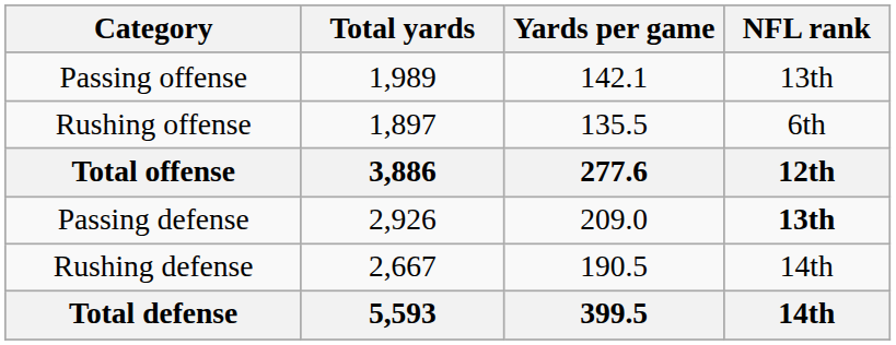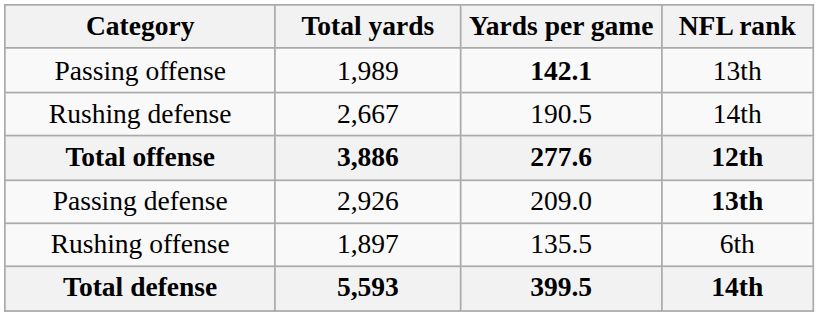 <table class="wikitable" style="text-align:center">
 <tr>
 <th width=150>Category</th>
 <th width=100>Total yards</th>
 <th width=110>Yards per game</th>
 <th width=80>NFL rank<br></th>
 </tr>
 <tr>
 <td>Passing offense</td>
 <td>1,989</td>
-<td>142.1</td>
+<td><strong>142.1</strong></td>
 <td>13th</td>
 </tr>
 <tr>
-<td>Rushing offense</td>
-<td>1,897</td>
-<td>135.5</td>
-<td>6th</td>
+<td>Rushing defense</td>
+<td>2,667</td>
+<td>190.5</td>
+<td>14th</td>
 </tr>
 <tr>
 <th>Total offense</th>
 <th>3,886</th>
 <th>277.6</th>
 <th>12th</th>
 </tr>
 <tr>
 <td>Passing defense</td>
 <td>2,926</td>
 <td>209.0</td>
 <td><strong>13th</strong></td>
 </tr>
 <tr>
-<td>Rushing defense</td>
-<td>2,667</td>
-<td>190.5</td>
-<td>14th</td>
+<td>Rushing offense</td>
+<td>1,897</td>
+<td>135.5</td>
+<td>6th</td>
 </tr>
 <tr>
 <th>Total defense</th>
 <th>5,593</th>
 <th>399.5</th>
 <th>14th</th>
 </tr>
 </table>
